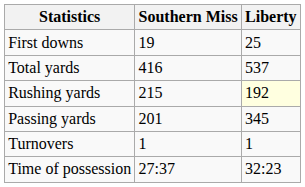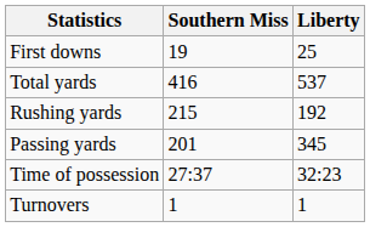 <table class="wikitable">
 <tr>
 <th>Statistics</th>
 <th>Southern Miss</th>
 <th>Liberty</th>
 </tr>
 <tr>
 <td>First downs</td>
 <td>19</td>
 <td>25</td>
 </tr>
 <tr>
 <td>Total yards</td>
 <td>416</td>
 <td>537</td>
 </tr>
 <tr>
 <td>Rushing yards</td>
 <td>215</td>
-<td style="background: lightyellow;">192</td>
+<td>192</td>
 </tr>
 <tr>
 <td>Passing yards</td>
 <td>201</td>
 <td>345</td>
 </tr>
 <tr>
+<td>Time of possession</td>
+<td>27:37</td>
+<td>32:23</td>
+</tr>
+<tr>
 <td>Turnovers</td>
 <td>1</td>
 <td>1</td>
 </tr>
 <tr>
-<td>Time of possession</td>
-<td>27:37</td>
-<td>32:23</td>
-</tr>
-<tr>
 </tr>
 </table>
